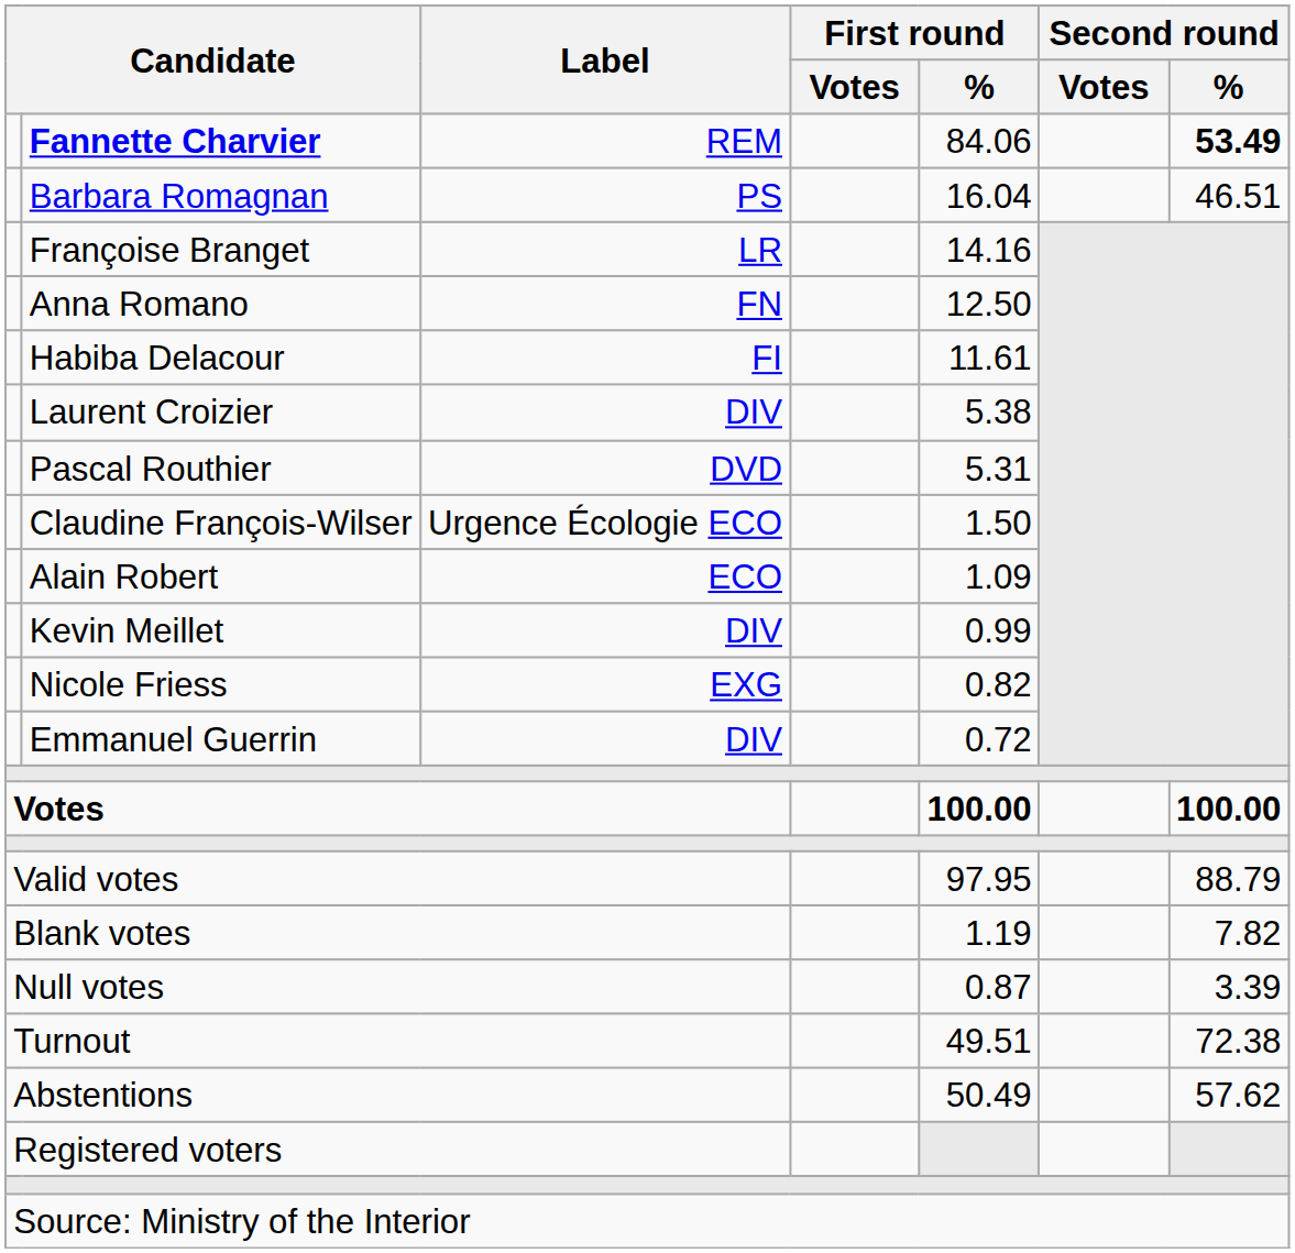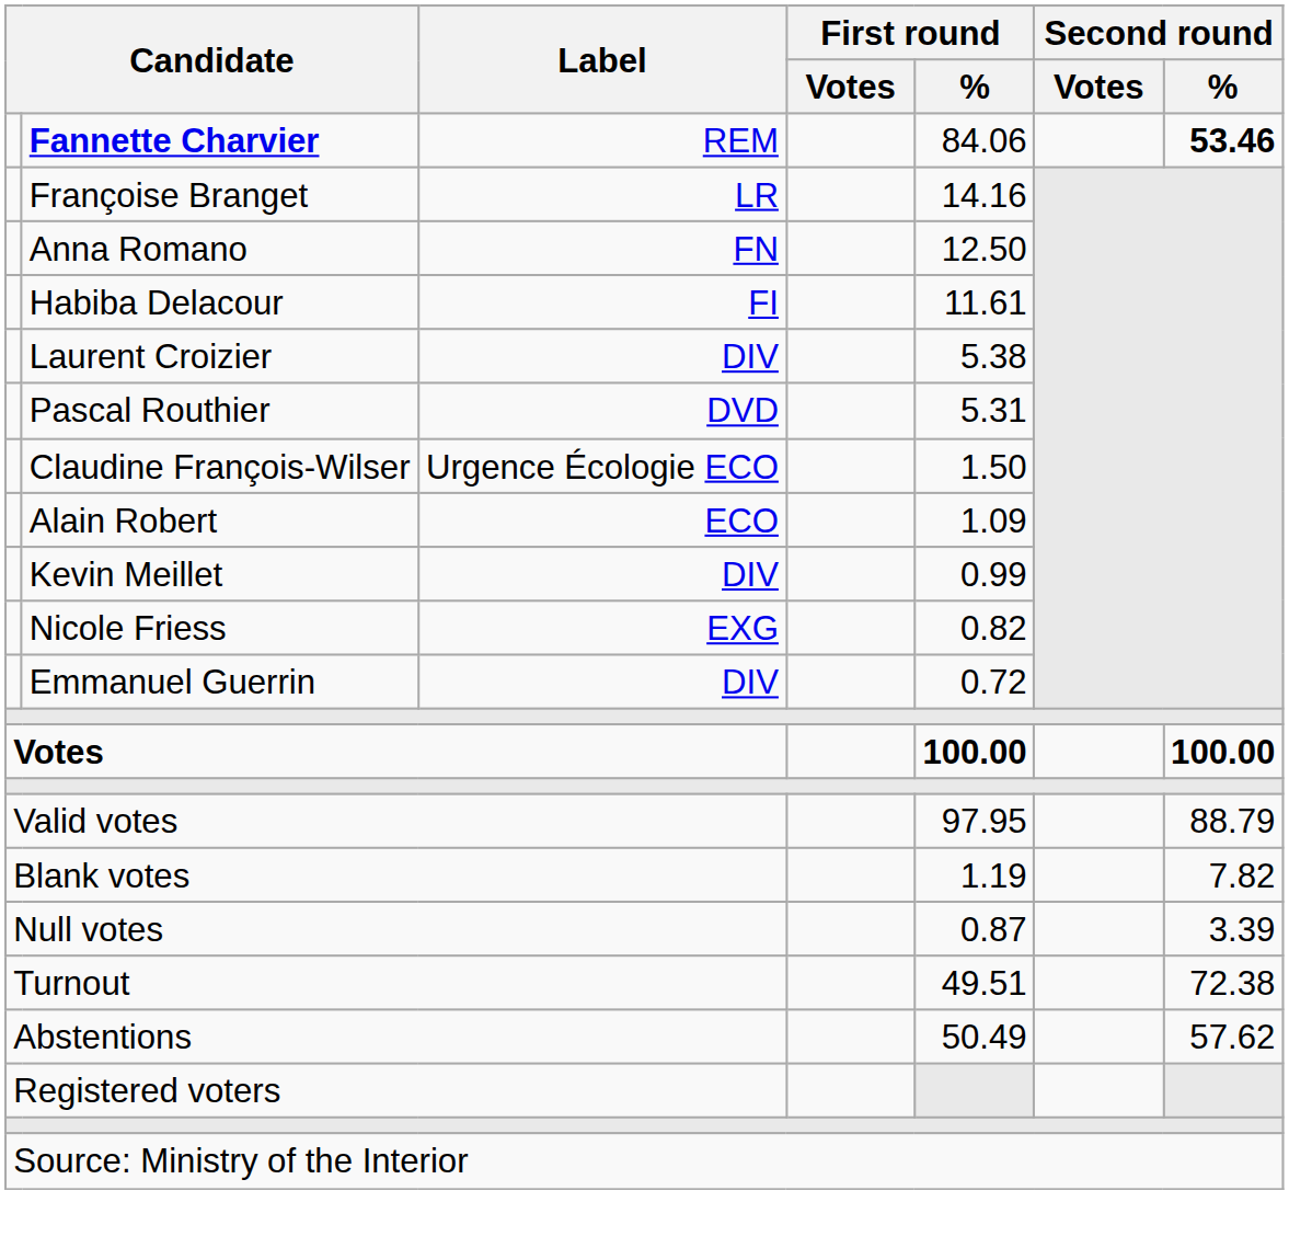 <table class="wikitable" style="text-align:right;font-size:95%;">
 <tr>
 <th rowspan="2" colspan="2">Candidate</th>
 <th rowspan="2">Label</th>
 <th colspan="2">First round</th>
 <th colspan="2">Second round</th>
 </tr>
 <tr>
 <th style="width:50px;">Votes</th>
 <th style="width:45px;">%</th>
 <th style="width:50px;">Votes</th>
 <th style="width:45px;">%</th>
 </tr>
 <tr>
 <td style="color:inherit;background:"></td>
 <td style="text-align:left;"><strong><a href='#'>Fannette Charvier</a></strong></td>
 <td><a href='#'>REM</a></td>
 <td></td>
 <td>84.06</td>
 <td><strong></strong></td>
-<td><strong>53.49</strong></td>
-</tr>
-<tr>
-<td style="color:inherit;background:"></td>
-<td style="text-align:left;"><a href='#'>Barbara Romagnan</a></td>
-<td><a href='#'>PS</a></td>
-<td></td>
-<td>16.04</td>
-<td></td>
-<td>46.51</td>
+<td><strong>53.46</strong></td>
 </tr>
 <tr>
 <td style="color:inherit;background:"></td>
 <td style="text-align:left;">Françoise Branget</td>
 <td><a href='#'>LR</a></td>
 <td></td>
 <td>14.16</td>
 <td colspan="2" rowspan="10" style="background:#E9E9E9;"></td>
 </tr>
 <tr>
 <td style="color:inherit;background:"></td>
 <td style="text-align:left;">Anna Romano</td>
 <td><a href='#'>FN</a></td>
 <td></td>
 <td>12.50</td>
 </tr>
 <tr>
 <td style="color:inherit;background:"></td>
 <td style="text-align:left;">Habiba Delacour</td>
 <td><a href='#'>FI</a></td>
 <td></td>
 <td>11.61</td>
 </tr>
 <tr>
 <td style="color:inherit;background:"></td>
 <td style="text-align:left;">Laurent Croizier</td>
 <td><a href='#'>DIV</a></td>
 <td></td>
 <td>5.38</td>
 </tr>
 <tr>
 <td style="color:inherit;background:"></td>
 <td style="text-align:left;">Pascal Routhier</td>
 <td><a href='#'>DVD</a></td>
 <td></td>
 <td>5.31</td>
 </tr>
 <tr>
 <td style="color:inherit;background:"></td>
 <td style="text-align:left;">Claudine François-Wilser</td>
 <td>Urgence Écologie <a href='#'>ECO</a></td>
 <td></td>
 <td>1.50</td>
 </tr>
 <tr>
 <td style="color:inherit;background:"></td>
 <td style="text-align:left;">Alain Robert</td>
 <td><a href='#'>ECO</a></td>
 <td></td>
 <td>1.09</td>
 </tr>
 <tr>
 <td style="color:inherit;background:"></td>
 <td style="text-align:left;">Kevin Meillet</td>
 <td><a href='#'>DIV</a></td>
 <td></td>
 <td>0.99</td>
 </tr>
 <tr>
 <td style="color:inherit;background:"></td>
 <td style="text-align:left;">Nicole Friess</td>
 <td><a href='#'>EXG</a></td>
 <td></td>
 <td>0.82</td>
 </tr>
 <tr>
 <td style="color:inherit;background:"></td>
 <td style="text-align:left;">Emmanuel Guerrin</td>
 <td><a href='#'>DIV</a></td>
 <td></td>
 <td>0.72</td>
 </tr>
 <tr>
 <td colspan="7" style="background:#E9E9E9;"></td>
 </tr>
 <tr style="font-weight:bold;">
 <td colspan="3" style="text-align:left;">Votes</td>
 <td></td>
 <td>100.00</td>
 <td></td>
 <td>100.00</td>
 </tr>
 <tr>
 <td colspan="7" style="background:#E9E9E9;"></td>
 </tr>
 <tr>
 <td colspan="3" style="text-align:left;">Valid votes</td>
 <td></td>
 <td>97.95</td>
 <td></td>
 <td>88.79</td>
 </tr>
 <tr>
 <td colspan="3" style="text-align:left;">Blank votes</td>
 <td></td>
 <td>1.19</td>
 <td></td>
 <td>7.82</td>
 </tr>
 <tr>
 <td colspan="3" style="text-align:left;">Null votes</td>
 <td></td>
 <td>0.87</td>
 <td></td>
 <td>3.39</td>
 </tr>
 <tr>
 <td colspan="3" style="text-align:left;">Turnout</td>
 <td></td>
 <td>49.51</td>
 <td></td>
 <td>72.38</td>
 </tr>
 <tr>
 <td colspan="3" style="text-align:left;">Abstentions</td>
 <td></td>
 <td>50.49</td>
 <td></td>
 <td>57.62</td>
 </tr>
 <tr>
 <td colspan="3" style="text-align:left;">Registered voters</td>
 <td></td>
 <td style="background:#E9E9E9;"></td>
 <td></td>
 <td style="background:#E9E9E9;"></td>
 </tr>
 <tr>
 <td colspan="7" style="background:#E9E9E9;"></td>
 </tr>
 <tr>
 <td colspan="7" style="text-align:left;">Source: Ministry of the Interior</td>
 </tr>
 </table>
